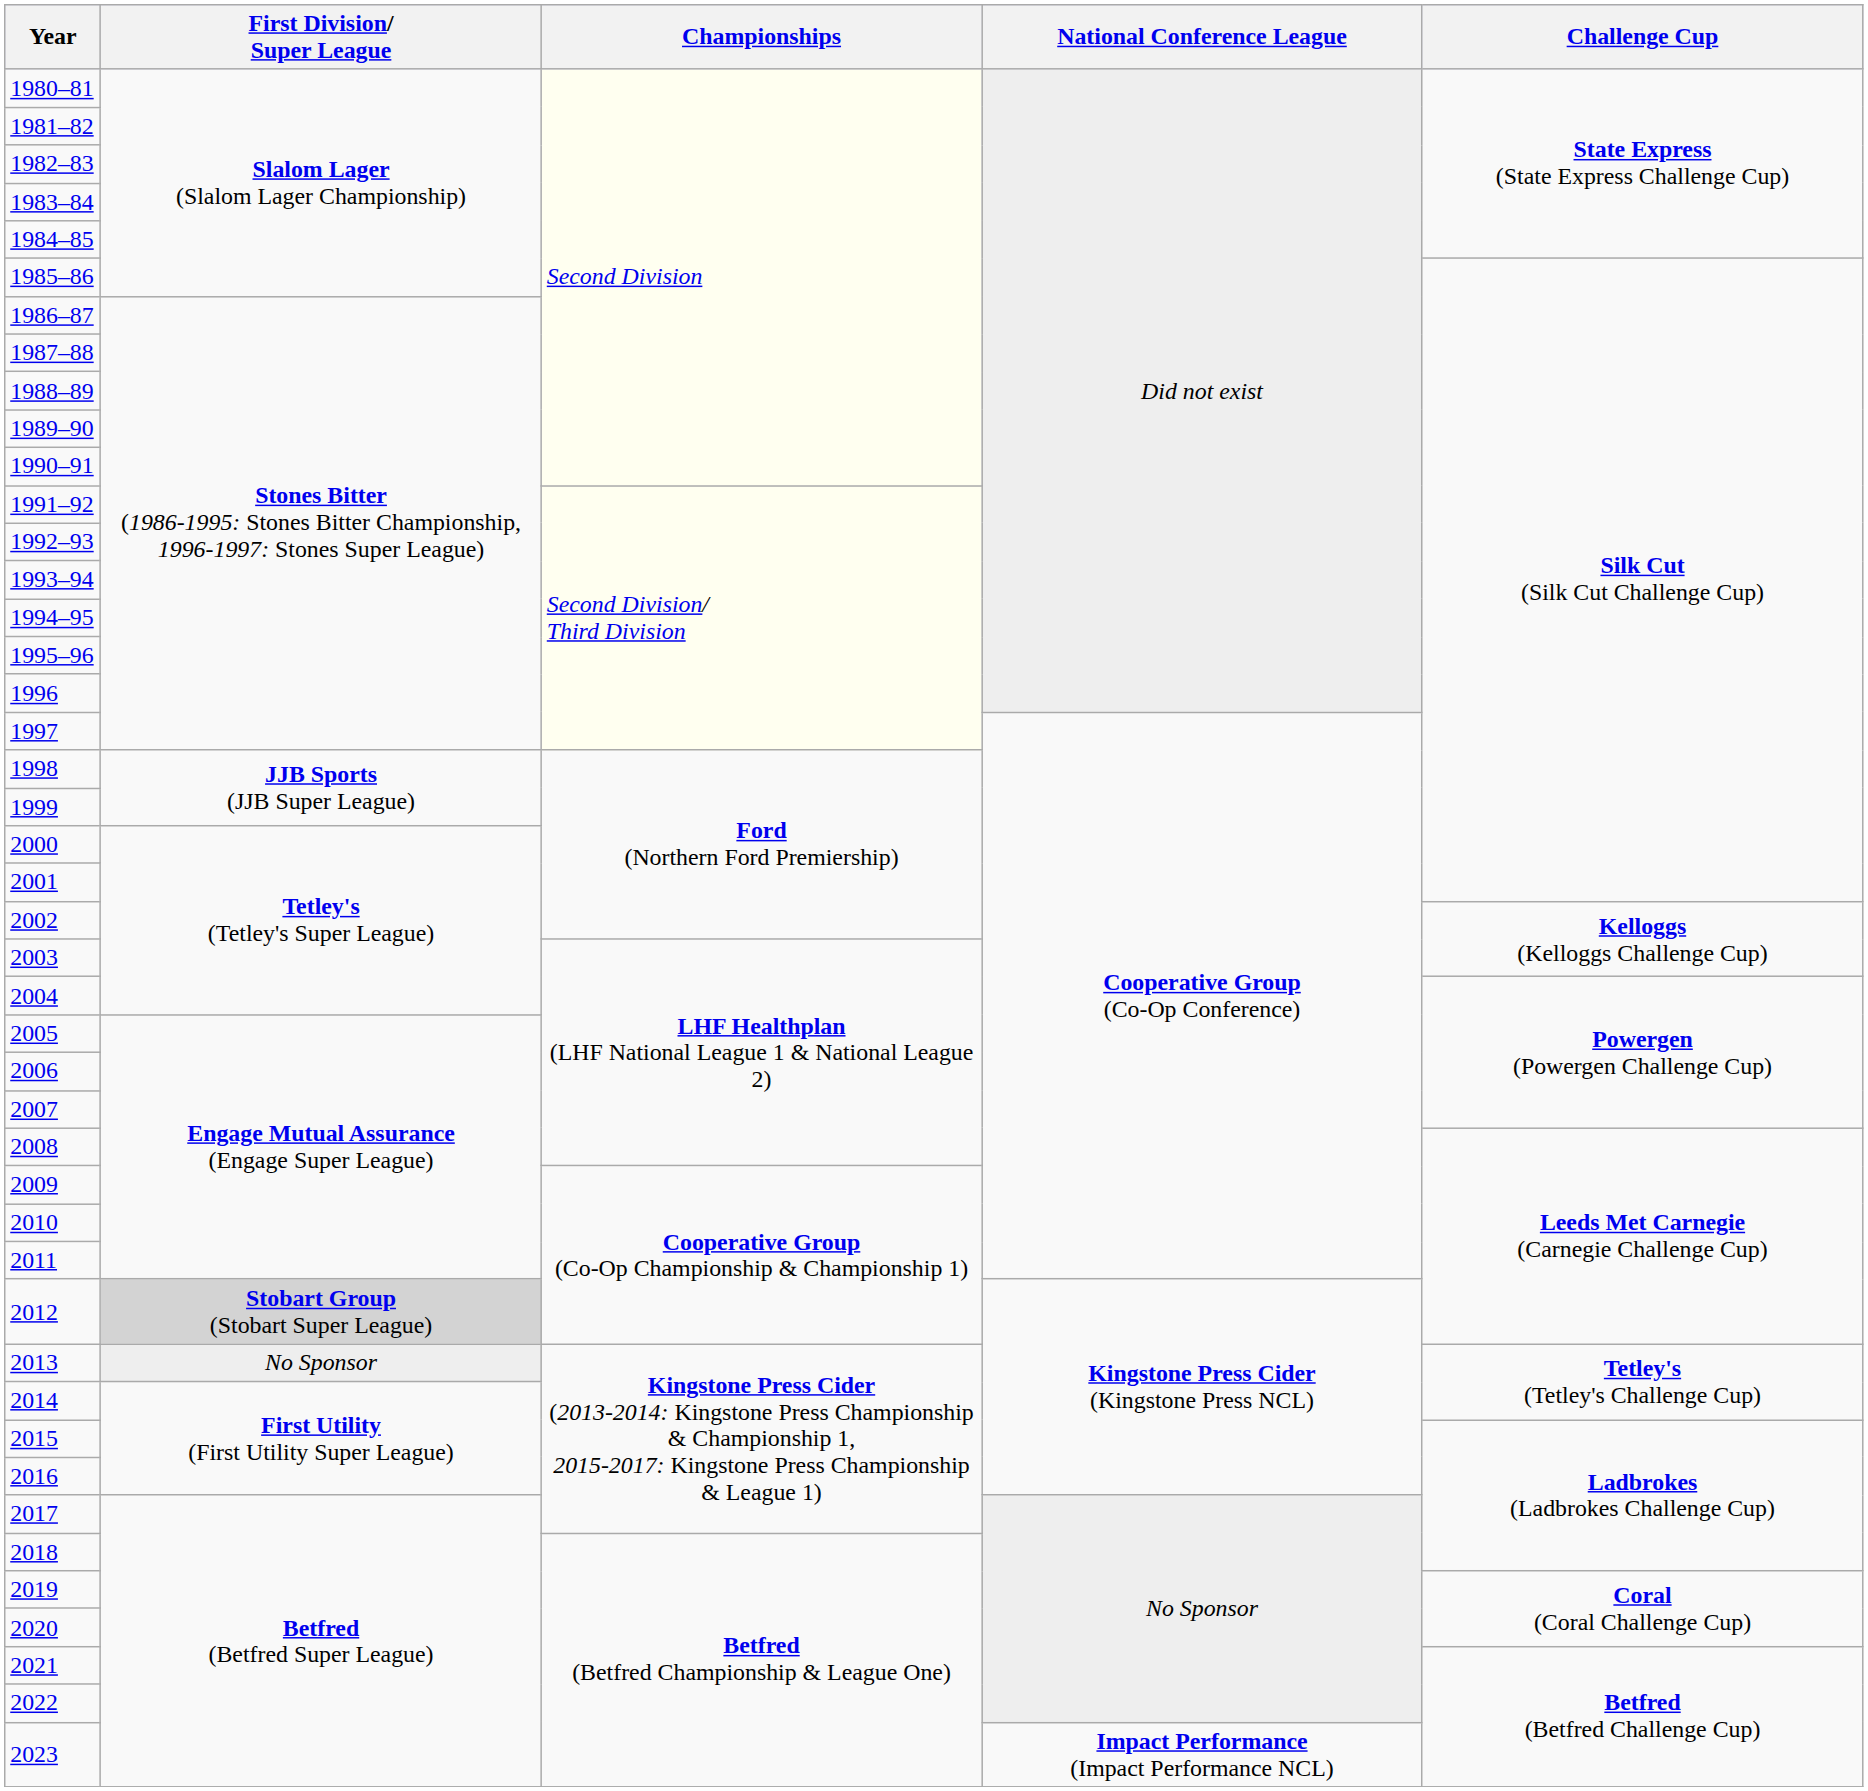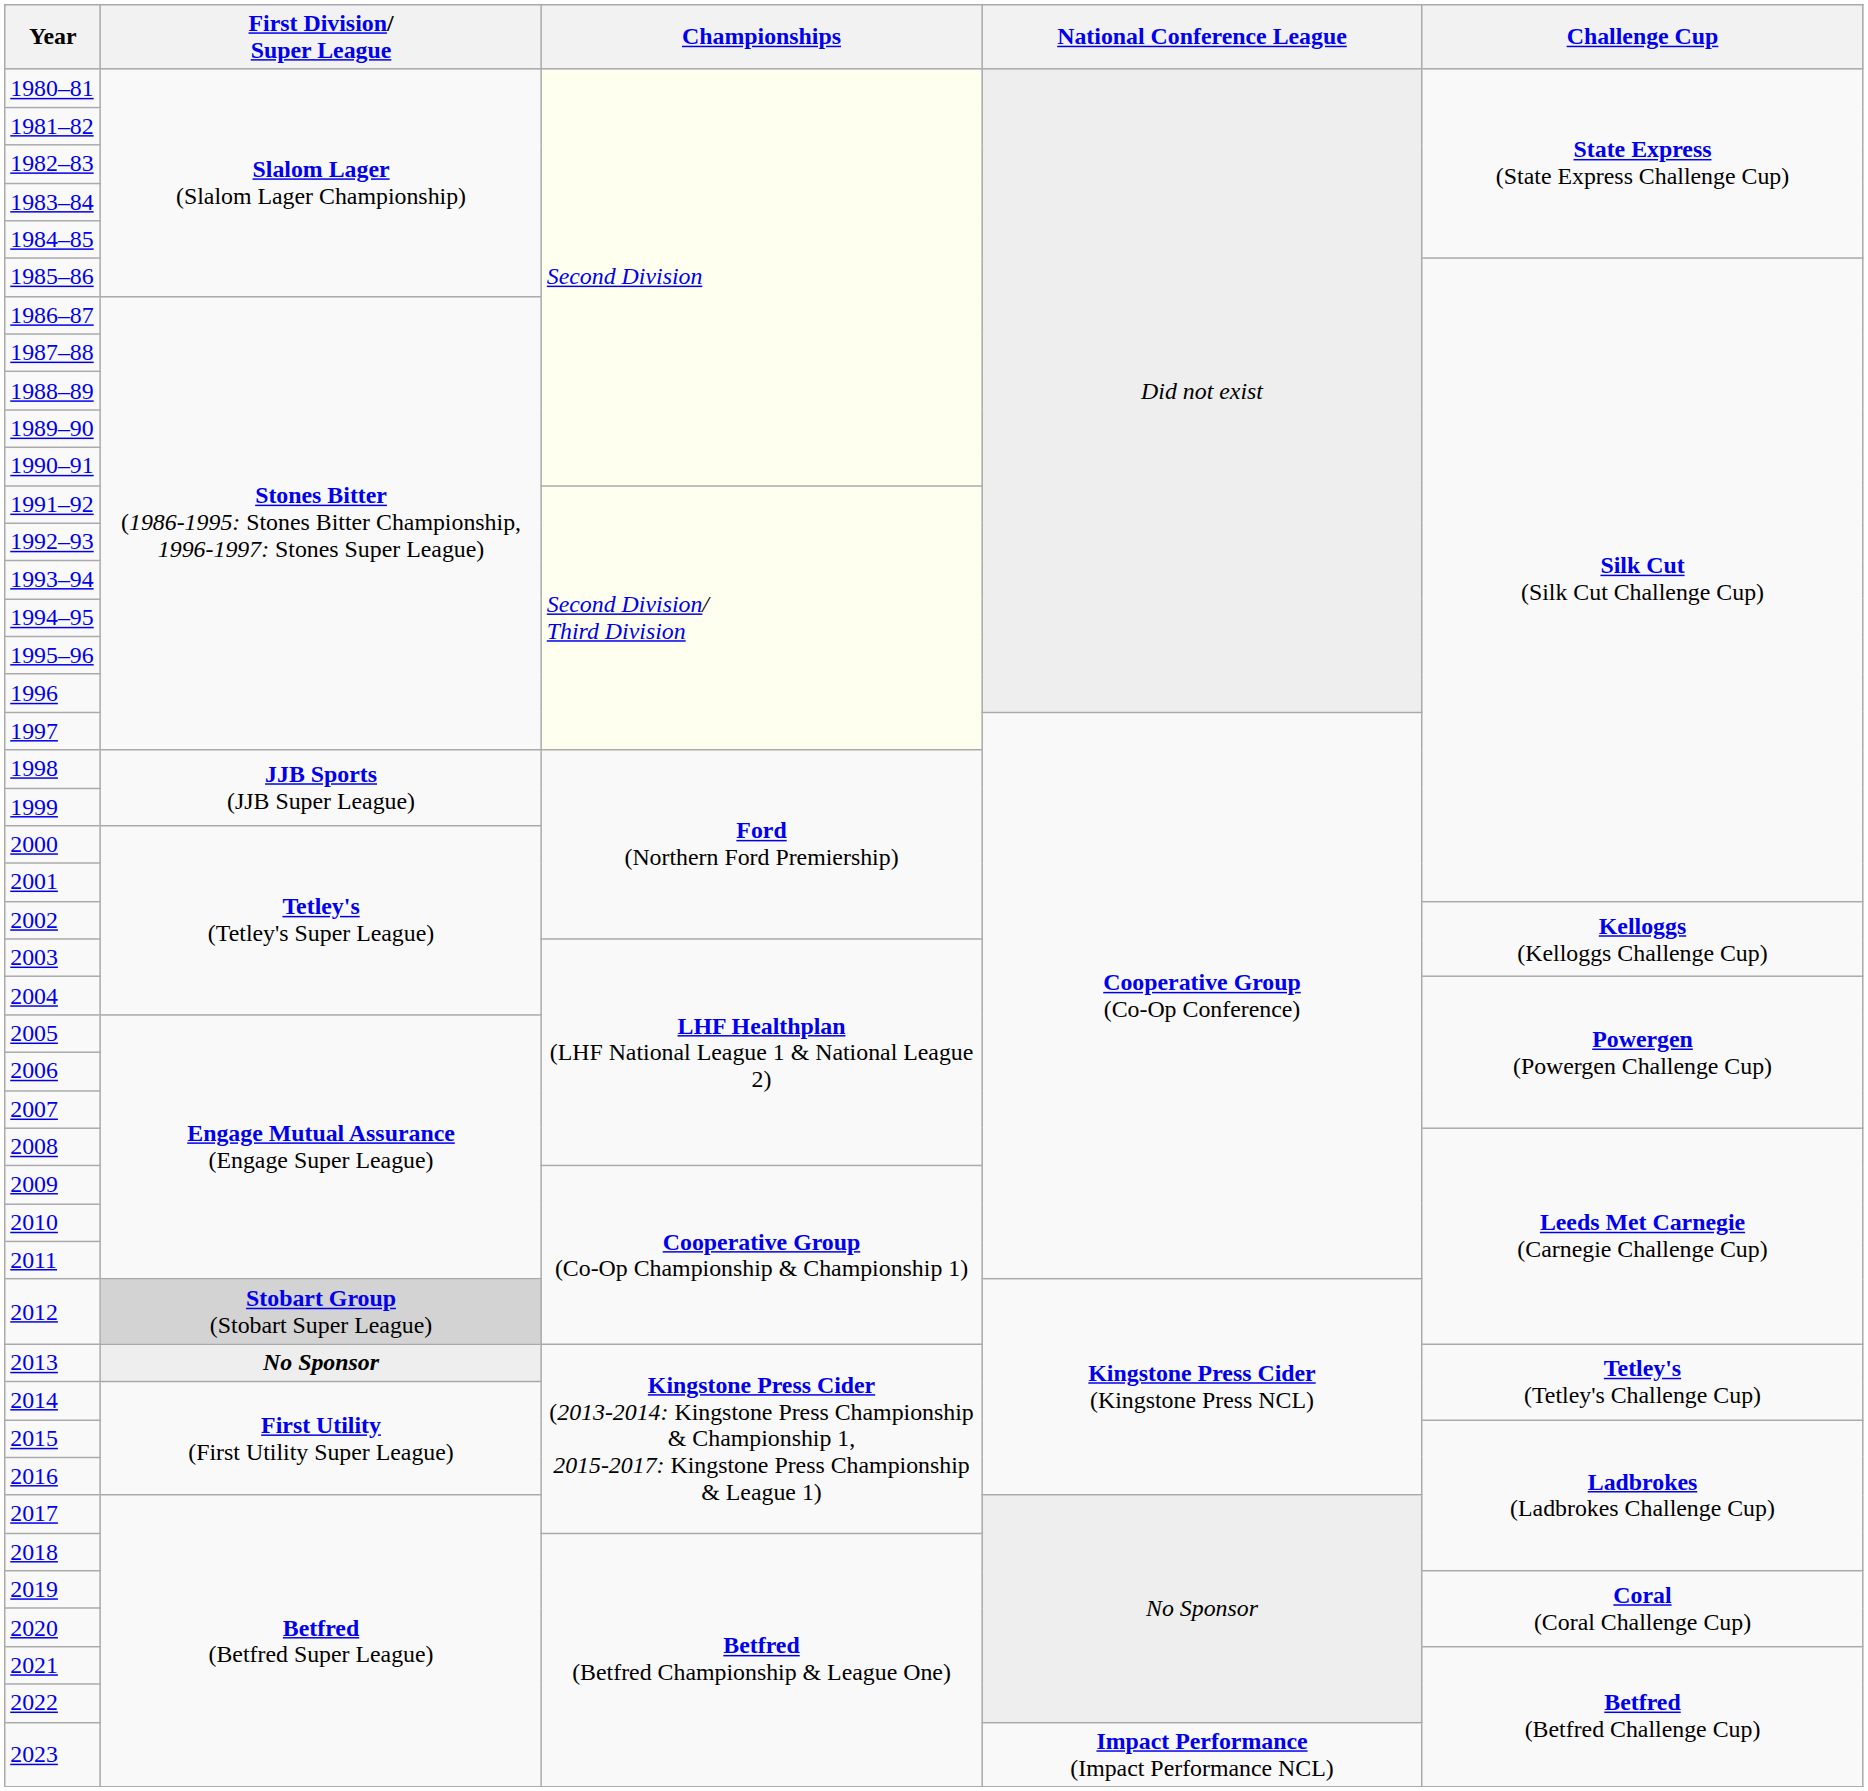 <table class="wikitable">
 <tr style="background:#ddddff;">
 <th width=1%>Year</th>
 <th width=10%><a href='#'>First Division</a>/<br><a href='#'>Super League</a></th>
 <th width=10%><a href='#'>Championships</a></th>
 <th width=10%><a href='#'>National Conference League</a></th>
 <th width=10%><a href='#'>Challenge Cup</a></th>
 </tr>
 <tr>
 <td><a href='#'>1980–81</a></td>
 <td rowspan=6 style="text-align:center;"><strong><a href='#'>Slalom Lager</a></strong><br>(Slalom Lager Championship)</td>
 <td rowspan=11 bgcolor=#fffffff><em><a href='#'>Second Division</a></em></td>
 <td rowspan=17 bgcolor=#eeeeee style="text-align:center;"><em>Did not exist</em></td>
 <td rowspan=5 style="text-align:center;"><strong><a href='#'>State Express</a></strong><br>(State Express Challenge Cup)</td>
 </tr>
 <tr>
 <td><a href='#'>1981–82</a></td>
 </tr>
 <tr>
 <td><a href='#'>1982–83</a></td>
 </tr>
 <tr>
 <td><a href='#'>1983–84</a></td>
 </tr>
 <tr>
 <td><a href='#'>1984–85</a></td>
 </tr>
 <tr>
 <td><a href='#'>1985–86</a></td>
 <td rowspan=17 style="text-align:center;"><strong><a href='#'>Silk Cut</a></strong><br> (Silk Cut Challenge Cup)</td>
 </tr>
 <tr>
 <td><a href='#'>1986–87</a></td>
 <td rowspan=12 style="text-align:center;"><strong><a href='#'>Stones Bitter</a></strong><br>(<em>1986-1995:</em> Stones Bitter Championship,<br><em>1996-1997:</em> Stones Super League)</td>
 </tr>
 <tr>
 <td><a href='#'>1987–88</a></td>
 </tr>
 <tr>
 <td><a href='#'>1988–89</a></td>
 </tr>
 <tr>
 <td><a href='#'>1989–90</a></td>
 </tr>
 <tr>
 <td><a href='#'>1990–91</a></td>
 </tr>
 <tr>
 <td><a href='#'>1991–92</a></td>
 <td rowspan=7 bgcolor=#fffffff><em><a href='#'>Second Division</a>/<br> <a href='#'>Third Division</a></em></td>
 </tr>
 <tr>
 <td><a href='#'>1992–93</a></td>
 </tr>
 <tr>
 <td><a href='#'>1993–94</a></td>
 </tr>
 <tr>
 <td><a href='#'>1994–95</a></td>
 </tr>
 <tr>
 <td><a href='#'>1995–96</a></td>
 </tr>
 <tr>
 <td><a href='#'>1996</a></td>
 </tr>
 <tr>
 <td><a href='#'>1997</a></td>
 <td rowspan=15 style="text-align:center;"><strong><a href='#'>Cooperative Group</a></strong><br>(Co-Op Conference)</td>
 </tr>
 <tr>
 <td><a href='#'>1998</a></td>
 <td rowspan=2 style="text-align:center;"><strong><a href='#'>JJB Sports</a></strong><br>(JJB Super League)</td>
 <td rowspan=5 style="text-align:center;"><strong><a href='#'>Ford</a></strong><br>(Northern Ford Premiership)</td>
 </tr>
 <tr>
 <td><a href='#'>1999</a></td>
 </tr>
 <tr>
 <td><a href='#'>2000</a></td>
 <td rowspan=5 style="text-align:center;"><strong><a href='#'>Tetley's</a></strong><br> (Tetley's Super League)</td>
 </tr>
 <tr>
 <td><a href='#'>2001</a></td>
 </tr>
 <tr>
 <td><a href='#'>2002</a></td>
 <td rowspan=2 style="text-align:center;"><strong><a href='#'>Kelloggs</a></strong><br>(Kelloggs Challenge Cup)</td>
 </tr>
 <tr>
 <td><a href='#'>2003</a></td>
 <td rowspan=6 style="text-align:center;"><strong><a href='#'>LHF Healthplan</a></strong><br> (LHF National League 1 & National League 2)</td>
 </tr>
 <tr>
 <td><a href='#'>2004</a></td>
 <td rowspan=4 style="text-align:center;"><strong><a href='#'>Powergen</a></strong><br>(Powergen Challenge Cup)</td>
 </tr>
 <tr>
 <td><a href='#'>2005</a></td>
 <td rowspan=7 style="text-align:center;"><strong><a href='#'>Engage Mutual Assurance</a></strong><br> (Engage Super League)</td>
 </tr>
 <tr>
 <td><a href='#'>2006</a></td>
 </tr>
 <tr>
 <td><a href='#'>2007</a></td>
 </tr>
 <tr>
 <td><a href='#'>2008</a></td>
 <td rowspan=5 style="text-align:center;"><strong><a href='#'>Leeds Met Carnegie</a></strong><br>(Carnegie Challenge Cup)</td>
 </tr>
 <tr>
 <td><a href='#'>2009</a></td>
 <td rowspan=4 style="text-align:center;"><strong><a href='#'>Cooperative Group</a></strong> <br>(Co-Op Championship & Championship 1)</td>
 </tr>
 <tr>
 <td><a href='#'>2010</a></td>
 </tr>
 <tr>
 <td><a href='#'>2011</a></td>
 </tr>
 <tr>
 <td><a href='#'>2012</a></td>
 <td style="background: lightgrey; text-align:center;"><strong><a href='#'>Stobart Group</a></strong><br> (Stobart Super League)</td>
 <td rowspan=5 style="text-align:center;"><strong><a href='#'>Kingstone Press Cider</a></strong><br>(Kingstone Press NCL)</td>
 </tr>
 <tr>
 <td><a href='#'>2013</a></td>
-<td bgcolor=#eeeeee style="text-align:center;"><em>No Sponsor</em></td>
+<td bgcolor=#eeeeee style="text-align:center;"><strong><em>No Sponsor</em></strong></td>
 <td rowspan=5 style="text-align:center;"><strong><a href='#'>Kingstone Press Cider</a></strong><br> (<em>2013-2014:</em> Kingstone Press Championship & Championship 1,<br><em>2015-2017:</em> Kingstone Press Championship & League 1)</td>
 <td rowspan=2 style="text-align:center;"><strong><a href='#'>Tetley's</a></strong><br>(Tetley's Challenge Cup)</td>
 </tr>
 <tr>
 <td><a href='#'>2014</a></td>
 <td rowspan=3 style="text-align:center;"><strong><a href='#'>First Utility</a></strong><br> (First Utility Super League)</td>
 </tr>
 <tr>
 <td><a href='#'>2015</a></td>
 <td rowspan=4 style="text-align:center;"><strong><a href='#'>Ladbrokes</a></strong><br>(Ladbrokes Challenge Cup)</td>
 </tr>
 <tr>
 <td><a href='#'>2016</a></td>
 </tr>
 <tr>
 <td><a href='#'>2017</a></td>
 <td rowspan=7 style="text-align:center;"><strong><a href='#'>Betfred</a></strong> <br>(Betfred Super League)</td>
 <td rowspan=6 bgcolor=#eeeeee style="text-align:center;"><em>No Sponsor</em></td>
 </tr>
 <tr>
 <td><a href='#'>2018</a></td>
 <td rowspan=6 style="text-align:center;"><strong><a href='#'>Betfred</a></strong> <br>(Betfred Championship & League One)</td>
 </tr>
 <tr>
 <td><a href='#'>2019</a></td>
 <td rowspan=2 style="text-align:center;"><strong><a href='#'>Coral</a></strong> <br>(Coral Challenge Cup)</td>
 </tr>
 <tr>
 <td><a href='#'>2020</a></td>
 </tr>
 <tr>
 <td><a href='#'>2021</a></td>
 <td rowspan=3 style="text-align:center;"><strong><a href='#'>Betfred</a></strong> <br>(Betfred Challenge Cup)</td>
 </tr>
 <tr>
 <td><a href='#'>2022</a></td>
 </tr>
 <tr>
 <td><a href='#'>2023</a></td>
 <td rowspan=2 style="text-align:center;"><strong><a href='#'>Impact Performance</a></strong> <br>(Impact Performance NCL)</td>
 </tr>
 </table>
